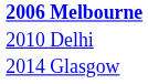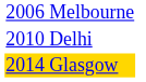 <table>
 <tr>
 <td></td>
 <td></td>
 <td></td>
 <td></td>
 </tr>
 <tr>
-<td><strong><a href='#'>2006 Melbourne</a><br></strong></td>
+<td><a href='#'>2006 Melbourne</a><br></td>
 <td></td>
 <td></td>
 <td></td>
 </tr>
 <tr>
 <td><a href='#'>2010 Delhi</a><br></td>
 <td></td>
 <td></td>
 <td></td>
 </tr>
 <tr>
-<td><a href='#'>2014 Glasgow</a><br></td>
+<td style="background: gold;"><a href='#'>2014 Glasgow</a><br></td>
 <td></td>
 <td></td>
 <td></td>
 </tr>
 <tr>
 <td><br></td>
 <td></td>
 <td></td>
 <td></td>
 </tr>
 <tr>
 <td><br></td>
 <td></td>
 <td></td>
 <td></td>
 </tr>
 </table>
